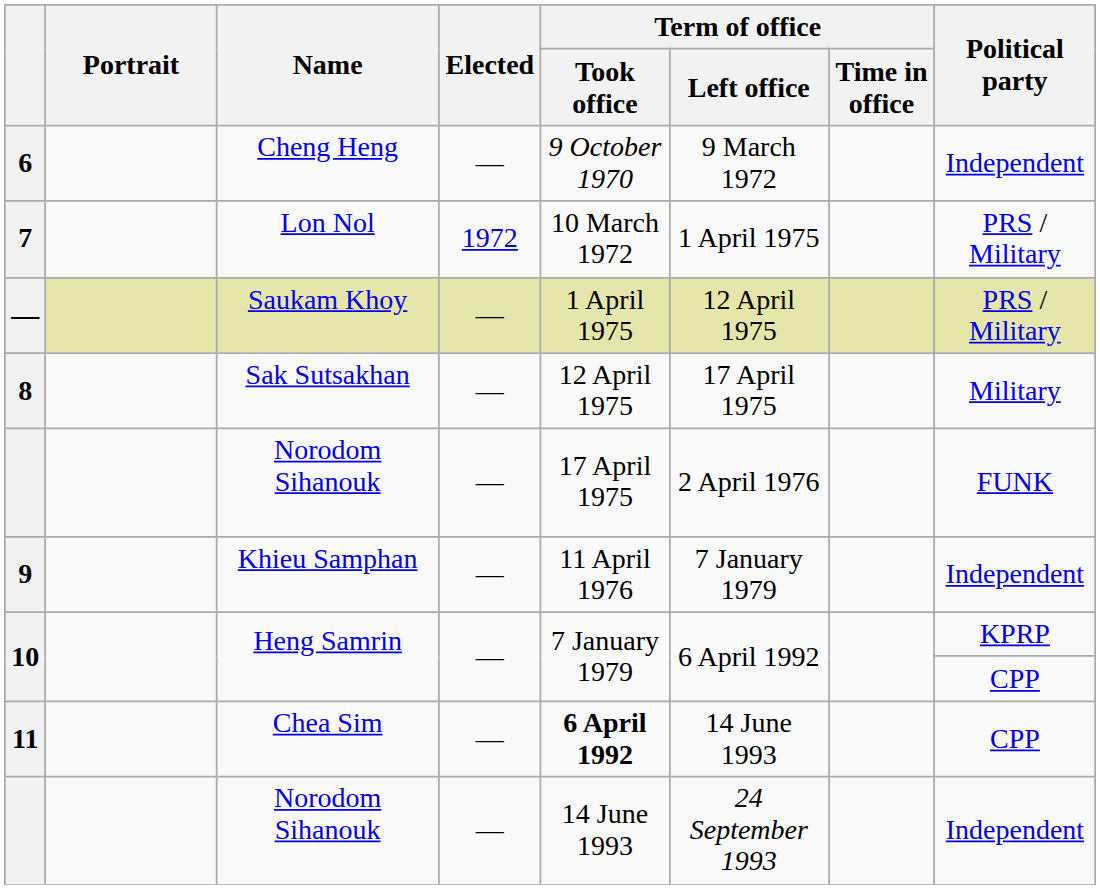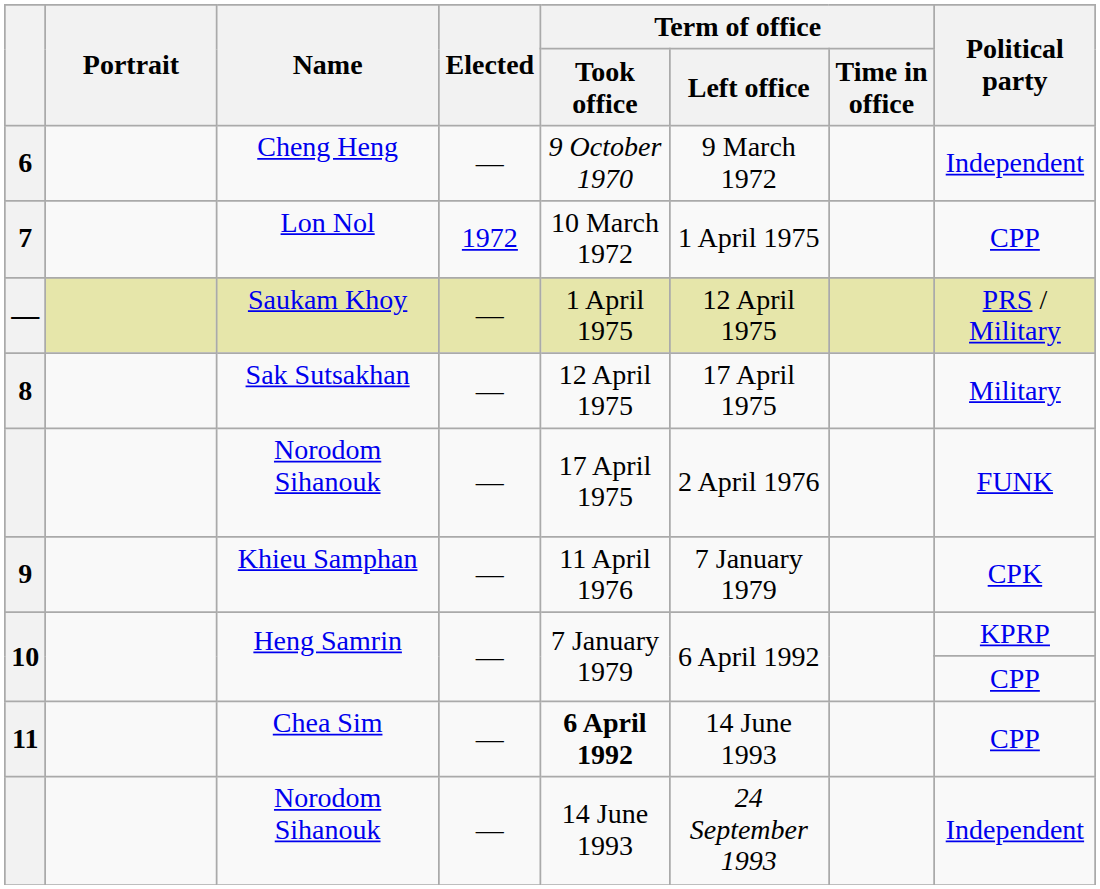 <table class="wikitable" style="text-align:center; border:1px #aaf solid; width:100%;">
 <tr>
 <th rowspan="2"></th>
 <th rowspan="2" style="width:90px;">Portrait</th>
 <th rowspan="2" style="width:120px;">Name<br></th>
 <th rowspan="2">Elected</th>
 <th colspan="3">Term of office</th>
 <th rowspan="2">Political party</th>
 </tr>
 <tr>
 <th>Took office</th>
 <th>Left office</th>
 <th>Time in office</th>
 </tr>
 <tr>
 <th style="background:">6</th>
 <td></td>
 <td><a href='#'>Cheng Heng</a><br><br></td>
 <td>—</td>
 <td><em>9 October 1970</em></td>
 <td>9 March 1972</td>
 <td></td>
 <td><a href='#'>Independent</a></td>
 </tr>
 <tr>
 <th style="background:">7</th>
 <td></td>
 <td><a href='#'>Lon Nol</a><br><br></td>
 <td><a href='#'>1972</a></td>
 <td>10 March 1972</td>
 <td>1 April 1975</td>
 <td></td>
-<td><a href='#'>PRS</a> / <br><a href='#'>Military</a></td>
+<td><a href='#'>CPP</a></td>
 </tr>
 <tr>
 <th style="background:">—</th>
 <td style="background:#e6e6aa;"></td>
 <td style="background:#e6e6aa;"><a href='#'>Saukam Khoy</a><br><br></td>
 <td style="background:#e6e6aa;">—</td>
 <td style="background:#e6e6aa;">1 April 1975</td>
 <td style="background:#e6e6aa;">12 April 1975</td>
 <td style="background:#e6e6aa;"></td>
 <td style="background:#e6e6aa;"><a href='#'>PRS</a> / <br><a href='#'>Military</a></td>
 </tr>
 <tr>
 <th style="background:">8</th>
 <td></td>
 <td><a href='#'>Sak Sutsakhan</a><br><br></td>
 <td>—</td>
 <td>12 April 1975</td>
 <td>17 April 1975</td>
 <td></td>
 <td><a href='#'>Military</a></td>
 </tr>
 <tr>
 <th style="background:"></th>
 <td></td>
 <td><a href='#'>Norodom Sihanouk</a><br><br></td>
 <td>—</td>
 <td>17 April 1975</td>
 <td>2 April 1976</td>
 <td></td>
 <td><a href='#'>FUNK</a></td>
 </tr>
 <tr>
 <th style="background:">9</th>
 <td></td>
 <td><a href='#'>Khieu Samphan</a><br><br></td>
 <td>—</td>
 <td>11 April 1976</td>
 <td>7 January 1979</td>
 <td></td>
-<td><a href='#'>Independent</a></td>
+<td><a href='#'>CPK</a></td>
 </tr>
 <tr>
 <th rowspan="2" style="background:">10</th>
 <td rowspan="2"></td>
 <td rowspan="2"><a href='#'>Heng Samrin</a><br><br></td>
 <td rowspan="2">—</td>
 <td rowspan="2">7 January 1979</td>
 <td rowspan="2">6 April 1992</td>
 <td rowspan="2"></td>
 <td><a href='#'>KPRP</a></td>
 </tr>
 <tr>
 <td><a href='#'>CPP</a></td>
 </tr>
 <tr>
 <th style="background:">11</th>
 <td></td>
 <td><a href='#'>Chea Sim</a><br><br></td>
 <td>—</td>
 <td><strong>6 April 1992</strong></td>
 <td>14 June 1993</td>
 <td></td>
 <td><a href='#'>CPP</a></td>
 </tr>
 <tr>
 <th style="background:"></th>
 <td></td>
 <td><a href='#'>Norodom Sihanouk</a><br><br></td>
 <td>—</td>
 <td>14 June 1993</td>
 <td><em>24 September 1993</em></td>
 <td></td>
 <td><a href='#'>Independent</a></td>
 </tr>
 </table>
